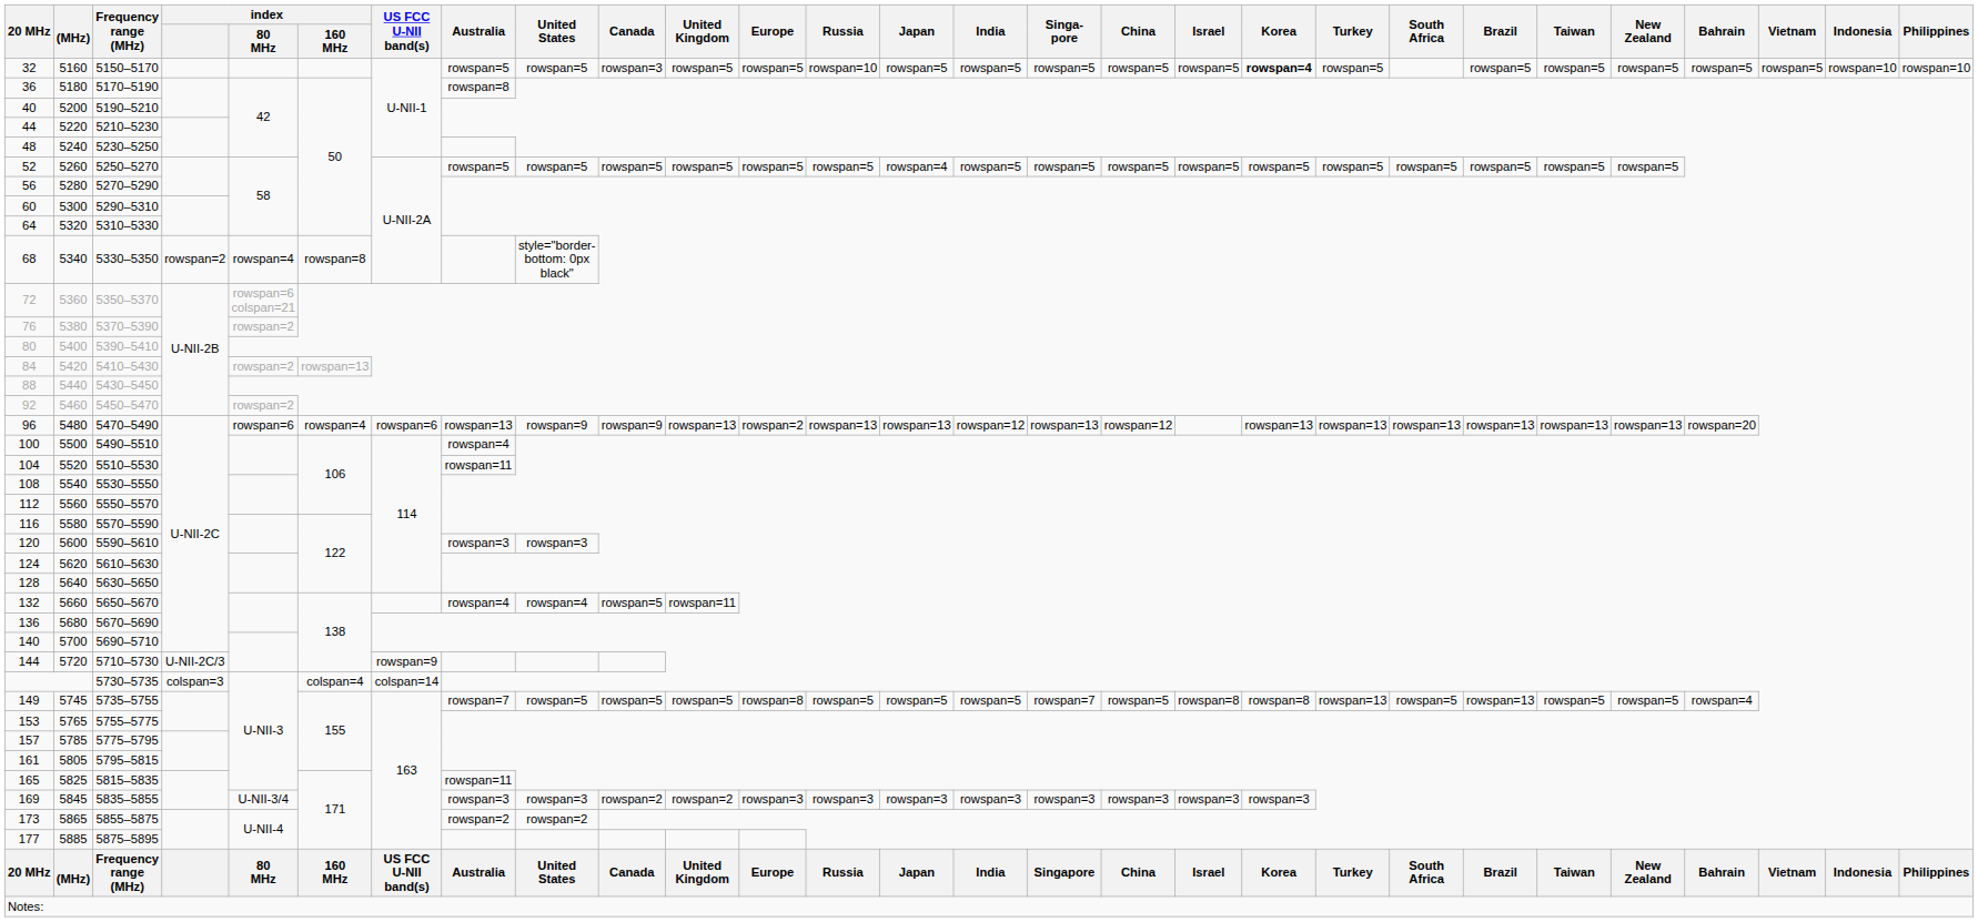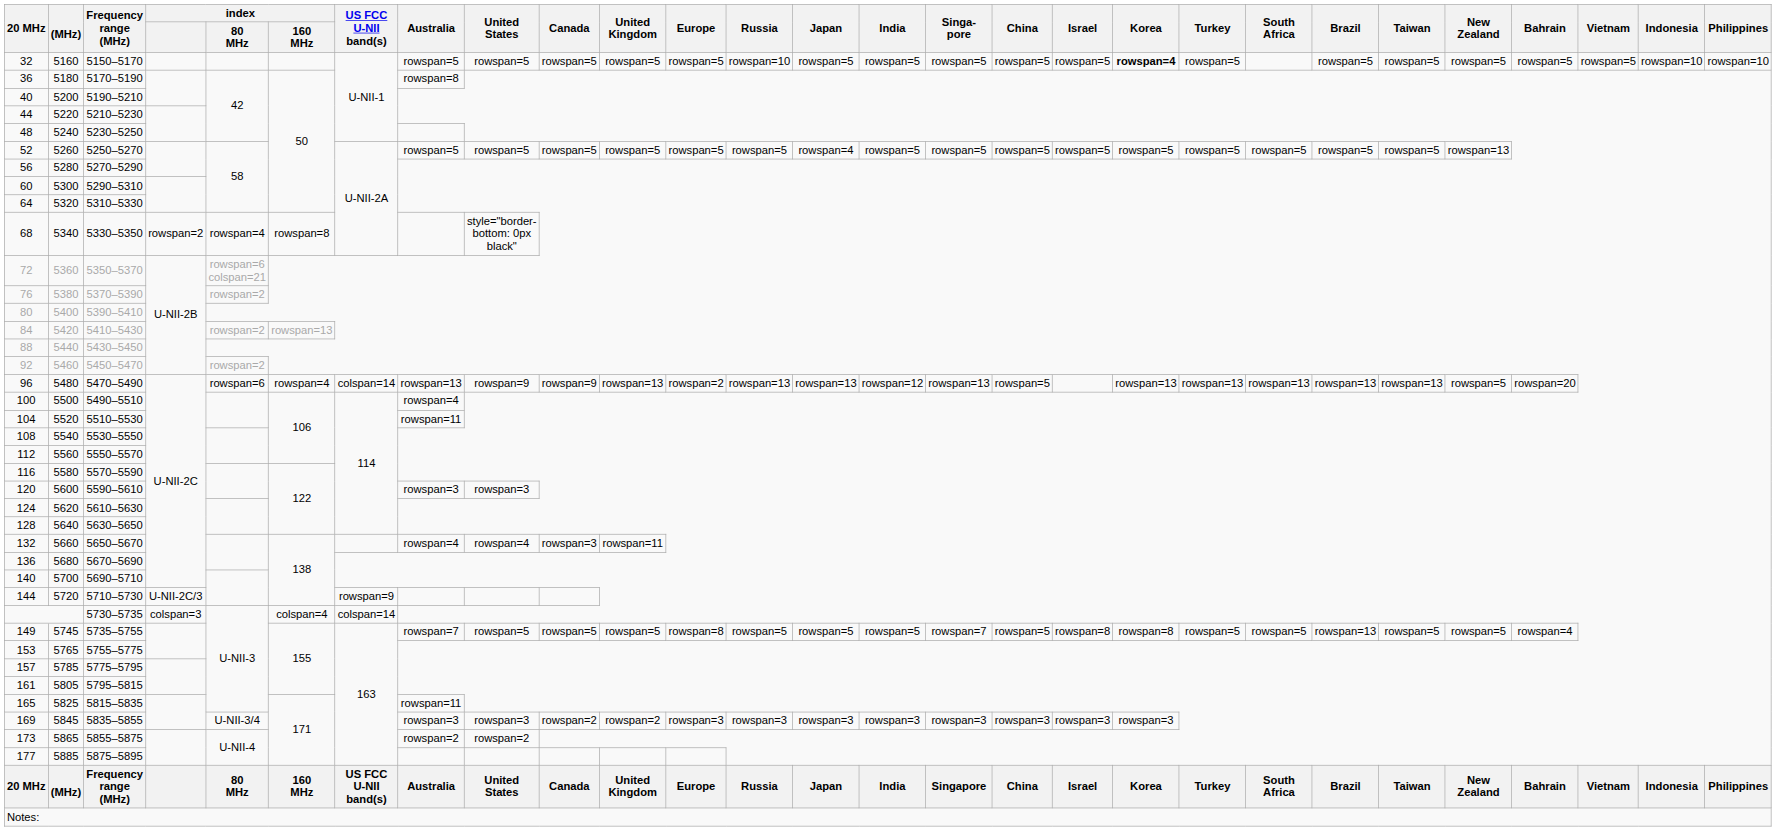 <table class="wikitable sortable sticky-table-head sticky-table-col1 mw-datatable" style="text-align: center;">
 <tr>
 <th scope="col" rowspan=2> 20 MHz</th>
 <th scope="col" rowspan=2><br>(MHz)</th>
 <th scope="col" rowspan=2>Frequency<br>range<br>(MHz)</th>
 <th scope="colgroup" colspan=3> index</th>
 <th scope="col" rowspan=2><a href='#'>US FCC<br>U-NII</a> band(s)</th>
 <th scope="col" rowspan=2>Australia<br></th>
 <th scope="col" rowspan=2>United<br>States<br></th>
 <th scope="col" rowspan=2>Canada<br></th>
 <th scope="col" rowspan=2>United<br>Kingdom<br></th>
 <th scope="col" rowspan=2>Europe<br></th>
 <th scope="col" rowspan=2>Russia<br></th>
 <th scope="col" rowspan=2>Japan<br></th>
 <th scope="col" rowspan=2>India<br></th>
 <th scope="col" rowspan=2>Singa-<br>pore<br></th>
 <th scope="col" rowspan=2>China<br></th>
 <th scope="col" rowspan=2>Israel<br></th>
 <th scope="col" rowspan=2>Korea<br></th>
 <th scope="col" rowspan=2>Turkey<br></th>
 <th scope="col" rowspan=2>South Africa<br></th>
 <th scope="col" rowspan=2>Brazil<br></th>
 <th scope="col" rowspan=2>Taiwan<br></th>
 <th scope="col" rowspan=2>New<br>Zealand<br></th>
 <th scope="col" rowspan=2>Bahrain<br></th>
 <th scope="col" rowspan=2>Vietnam<br></th>
 <th scope="col" rowspan=2>Indonesia<br></th>
 <th scope="col" rowspan=2>Philippines<br></th>
 </tr>
 <tr>
 <th scope="col" class="sticky-table-none"></th>
 <th scope="col">80<br>MHz</th>
 <th scope="col">160<br>MHz</th>
 </tr>
 <tr>
 <td>32</td>
 <td>5160</td>
 <td>5150–5170</td>
 <td> </td>
 <td> </td>
 <td> </td>
 <td rowspan=5>U-NII-1</td>
 <td>rowspan=5 </td>
 <td>rowspan=5 </td>
-<td>rowspan=3 </td>
+<td>rowspan=5 </td>
 <td>rowspan=5 </td>
 <td>rowspan=5 </td>
 <td>rowspan=10 </td>
 <td>rowspan=5 </td>
 <td>rowspan=5 </td>
 <td>rowspan=5 </td>
 <td>rowspan=5 </td>
 <td>rowspan=5 </td>
 <td><strong>rowspan=4 </strong></td>
 <td>rowspan=5 </td>
 <td></td>
 <td>rowspan=5 </td>
 <td>rowspan=5 </td>
 <td>rowspan=5 </td>
 <td>rowspan=5 </td>
 <td>rowspan=5 </td>
 <td>rowspan=10 </td>
 <td>rowspan=10 </td>
 </tr>
 <tr>
 <td>36</td>
 <td>5180</td>
 <td>5170–5190</td>
 <td rowspan=2> </td>
 <td rowspan=4>42 </td>
 <td rowspan=8>50 </td>
 <td>rowspan=8 </td>
 </tr>
 <tr>
 <td>40</td>
 <td>5200</td>
 <td>5190–5210</td>
 </tr>
 <tr>
 <td>44</td>
 <td>5220</td>
 <td>5210–5230</td>
 <td rowspan=2> </td>
 </tr>
 <tr>
 <td>48</td>
 <td>5240</td>
 <td>5230–5250</td>
 <td></td>
 </tr>
 <tr>
 <td>52</td>
 <td>5260</td>
 <td>5250–5270</td>
 <td rowspan=2> </td>
 <td rowspan=4>58 </td>
 <td rowspan=5>U-NII-2A</td>
 <td>rowspan=5 </td>
 <td>rowspan=5 </td>
 <td>rowspan=5 </td>
 <td>rowspan=5 </td>
 <td>rowspan=5 </td>
 <td>rowspan=5 </td>
 <td>rowspan=4 </td>
 <td>rowspan=5 </td>
 <td>rowspan=5 </td>
 <td>rowspan=5 </td>
 <td>rowspan=5 </td>
 <td>rowspan=5 </td>
 <td>rowspan=5 </td>
 <td>rowspan=5 </td>
 <td>rowspan=5 </td>
 <td>rowspan=5 </td>
-<td>rowspan=5 </td>
+<td>rowspan=13 </td>
 </tr>
 <tr>
 <td>56</td>
 <td>5280</td>
 <td>5270–5290</td>
 </tr>
 <tr>
 <td>60</td>
 <td>5300</td>
 <td>5290–5310</td>
 <td rowspan=2> </td>
 </tr>
 <tr>
 <td>64</td>
 <td>5320</td>
 <td>5310–5330</td>
 </tr>
 <tr>
 <td>68</td>
 <td>5340</td>
 <td>5330–5350</td>
 <td>rowspan=2   </td>
 <td>rowspan=4   </td>
 <td>rowspan=8   </td>
 <td></td>
 <td>style="border-bottom: 0px black" </td>
 </tr>
 <tr style=color:darkgray>
 <td>72</td>
 <td>5360</td>
 <td>5350–5370</td>
 <td rowspan=6 style=color:black>U-NII-2B</td>
 <td>rowspan=6 colspan=21 </td>
 </tr>
 <tr style=color:darkgray>
 <td>76</td>
 <td>5380</td>
 <td>5370–5390</td>
 <td>rowspan=2  </td>
 </tr>
 <tr style=color:darkgray>
 <td>80</td>
 <td>5400</td>
 <td>5390–5410</td>
 </tr>
 <tr style=color:darkgray>
 <td>84</td>
 <td>5420</td>
 <td>5410–5430</td>
 <td>rowspan=2  </td>
 <td>rowspan=13 </td>
 </tr>
 <tr style=color:darkgray>
 <td>88</td>
 <td>5440</td>
 <td>5430–5450</td>
 </tr>
 <tr style=color:darkgray>
 <td>92</td>
 <td>5460</td>
 <td>5450–5470</td>
 <td>rowspan=2  <br></td>
 </tr>
 <tr>
 <td>96</td>
 <td>5480</td>
 <td>5470–5490<br>     </td>
 <td rowspan=12>U-NII-2C</td>
 <td>rowspan=6 </td>
 <td>rowspan=4  </td>
-<td>rowspan=6 </td>
+<td>colspan=14 </td>
 <td>rowspan=13  </td>
 <td>rowspan=9 </td>
 <td>rowspan=9 </td>
 <td>rowspan=13 </td>
 <td>rowspan=2 </td>
 <td>rowspan=13 </td>
 <td>rowspan=13 </td>
 <td>rowspan=12 </td>
 <td>rowspan=13 </td>
-<td>rowspan=12 </td>
+<td>rowspan=5 </td>
 <td></td>
 <td>rowspan=13 </td>
 <td>rowspan=13 </td>
 <td>rowspan=13 </td>
 <td>rowspan=13 </td>
 <td>rowspan=13 </td>
-<td>rowspan=13 </td>
+<td>rowspan=5 </td>
 <td>rowspan=20 </td>
 </tr>
 <tr>
 <td>100</td>
 <td>5500</td>
 <td>5490–5510</td>
 <td rowspan=2> </td>
 <td rowspan=4>106 </td>
 <td rowspan=8>114 </td>
 <td>rowspan=4 </td>
 </tr>
 <tr>
 <td>104</td>
 <td>5520</td>
 <td>5510–5530</td>
 <td>rowspan=11 </td>
 </tr>
 <tr>
 <td>108</td>
 <td>5540</td>
 <td>5530–5550</td>
 <td rowspan=2> </td>
 </tr>
 <tr>
 <td>112</td>
 <td>5560</td>
 <td>5550–5570</td>
 </tr>
 <tr>
 <td>116</td>
 <td>5580</td>
 <td>5570–5590</td>
 <td rowspan=2> </td>
 <td rowspan=4>122 </td>
 </tr>
 <tr>
 <td>120</td>
 <td>5600</td>
 <td>5590–5610</td>
 <td>rowspan=3 </td>
 <td>rowspan=3 </td>
 </tr>
 <tr>
 <td>124</td>
 <td>5620</td>
 <td>5610–5630</td>
 <td rowspan=2> </td>
 </tr>
 <tr>
 <td>128</td>
 <td>5640</td>
 <td>5630–5650</td>
 </tr>
 <tr>
 <td>132</td>
 <td>5660</td>
 <td>5650–5670</td>
 <td rowspan=2> </td>
 <td rowspan=4>138 </td>
 <td> </td>
 <td>rowspan=4 </td>
 <td>rowspan=4 </td>
-<td>rowspan=5 </td>
+<td>rowspan=3 </td>
 <td>rowspan=11 </td>
 </tr>
 <tr>
 <td>136</td>
 <td>5680</td>
 <td>5670–5690</td>
 </tr>
 <tr>
 <td>140</td>
 <td>5700</td>
 <td>5690–5710</td>
 <td rowspan=2> </td>
 </tr>
 <tr>
 <td>144</td>
 <td>5720</td>
 <td>5710–5730</td>
 <td>U-NII-2C/3</td>
 <td>rowspan=9 </td>
 <td></td>
 <td></td>
 <td></td>
 </tr>
 <tr>
 <td style="border-right: 0px black;"></td>
 <td style="border-left: 0px black;"></td>
 <td>5730–5735</td>
 <td>colspan=3 </td>
 <td rowspan=6>U-NII-3</td>
 <td>colspan=4 </td>
 <td>colspan=14 </td>
 </tr>
 <tr>
 <td>149</td>
 <td>5745</td>
 <td>5735–5755</td>
 <td rowspan=2> </td>
 <td rowspan=4>155 </td>
 <td rowspan=8>163 </td>
 <td>rowspan=7 </td>
 <td>rowspan=5 </td>
 <td>rowspan=5 </td>
 <td>rowspan=5 </td>
 <td>rowspan=8 </td>
 <td>rowspan=5 </td>
 <td>rowspan=5 </td>
 <td>rowspan=5 </td>
 <td>rowspan=7 </td>
 <td>rowspan=5 </td>
 <td>rowspan=8 </td>
 <td>rowspan=8 </td>
-<td>rowspan=13 </td>
+<td>rowspan=5 </td>
 <td>rowspan=5 </td>
 <td>rowspan=13 </td>
 <td>rowspan=5 </td>
 <td>rowspan=5 </td>
 <td>rowspan=4 </td>
 </tr>
 <tr>
 <td>153</td>
 <td>5765</td>
 <td>5755–5775</td>
 </tr>
 <tr>
 <td>157</td>
 <td>5785</td>
 <td>5775–5795</td>
 <td rowspan=2> </td>
 </tr>
 <tr>
 <td>161</td>
 <td>5805</td>
 <td>5795–5815</td>
 </tr>
 <tr>
 <td>165</td>
 <td>5825</td>
 <td>5815–5835</td>
 <td rowspan=2> </td>
 <td rowspan=4>171 </td>
 <td>rowspan=11 </td>
 </tr>
 <tr>
 <td>169</td>
 <td>5845</td>
 <td>5835–5855</td>
 <td>U-NII-3/4</td>
 <td>rowspan=3  </td>
 <td>rowspan=3 </td>
 <td>rowspan=2 </td>
 <td>rowspan=2 </td>
 <td>rowspan=3 </td>
 <td>rowspan=3 </td>
 <td>rowspan=3 </td>
 <td>rowspan=3 </td>
 <td>rowspan=3 </td>
 <td>rowspan=3 </td>
 <td>rowspan=3 </td>
 <td>rowspan=3 </td>
 </tr>
 <tr>
 <td>173</td>
 <td>5865</td>
 <td>5855–5875</td>
 <td rowspan=2> </td>
 <td rowspan=2>U-NII-4</td>
 <td>rowspan=2 </td>
 <td>rowspan=2 </td>
 </tr>
 <tr>
 <td>177</td>
 <td>5885</td>
 <td>5875–5895</td>
 <td></td>
 <td></td>
 <td></td>
 <td></td>
 <td></td>
 </tr>
 <tr class="sortbottom">
 <th> 20 MHz</th>
 <th><br>(MHz)</th>
 <th>Frequency<br>range<br>(MHz)</th>
 <th></th>
 <th>80<br>MHz</th>
 <th>160<br>MHz</th>
 <th>US FCC<br>U-NII band(s)</th>
 <th>Australia</th>
 <th>United States</th>
 <th>Canada</th>
 <th>United Kingdom</th>
 <th>Europe</th>
 <th>Russia</th>
 <th>Japan</th>
 <th>India</th>
 <th>Singapore</th>
 <th>China</th>
 <th>Israel</th>
 <th>Korea</th>
 <th>Turkey</th>
 <th>South Africa</th>
 <th>Brazil</th>
 <th>Taiwan</th>
 <th>New Zealand</th>
 <th>Bahrain</th>
 <th>Vietnam</th>
 <th>Indonesia</th>
 <th>Philippines</th>
 </tr>
 <tr class="sortbottom">
 <td colspan="28" style="text-align: left;">Notes: </td>
 </tr>
 </table>
